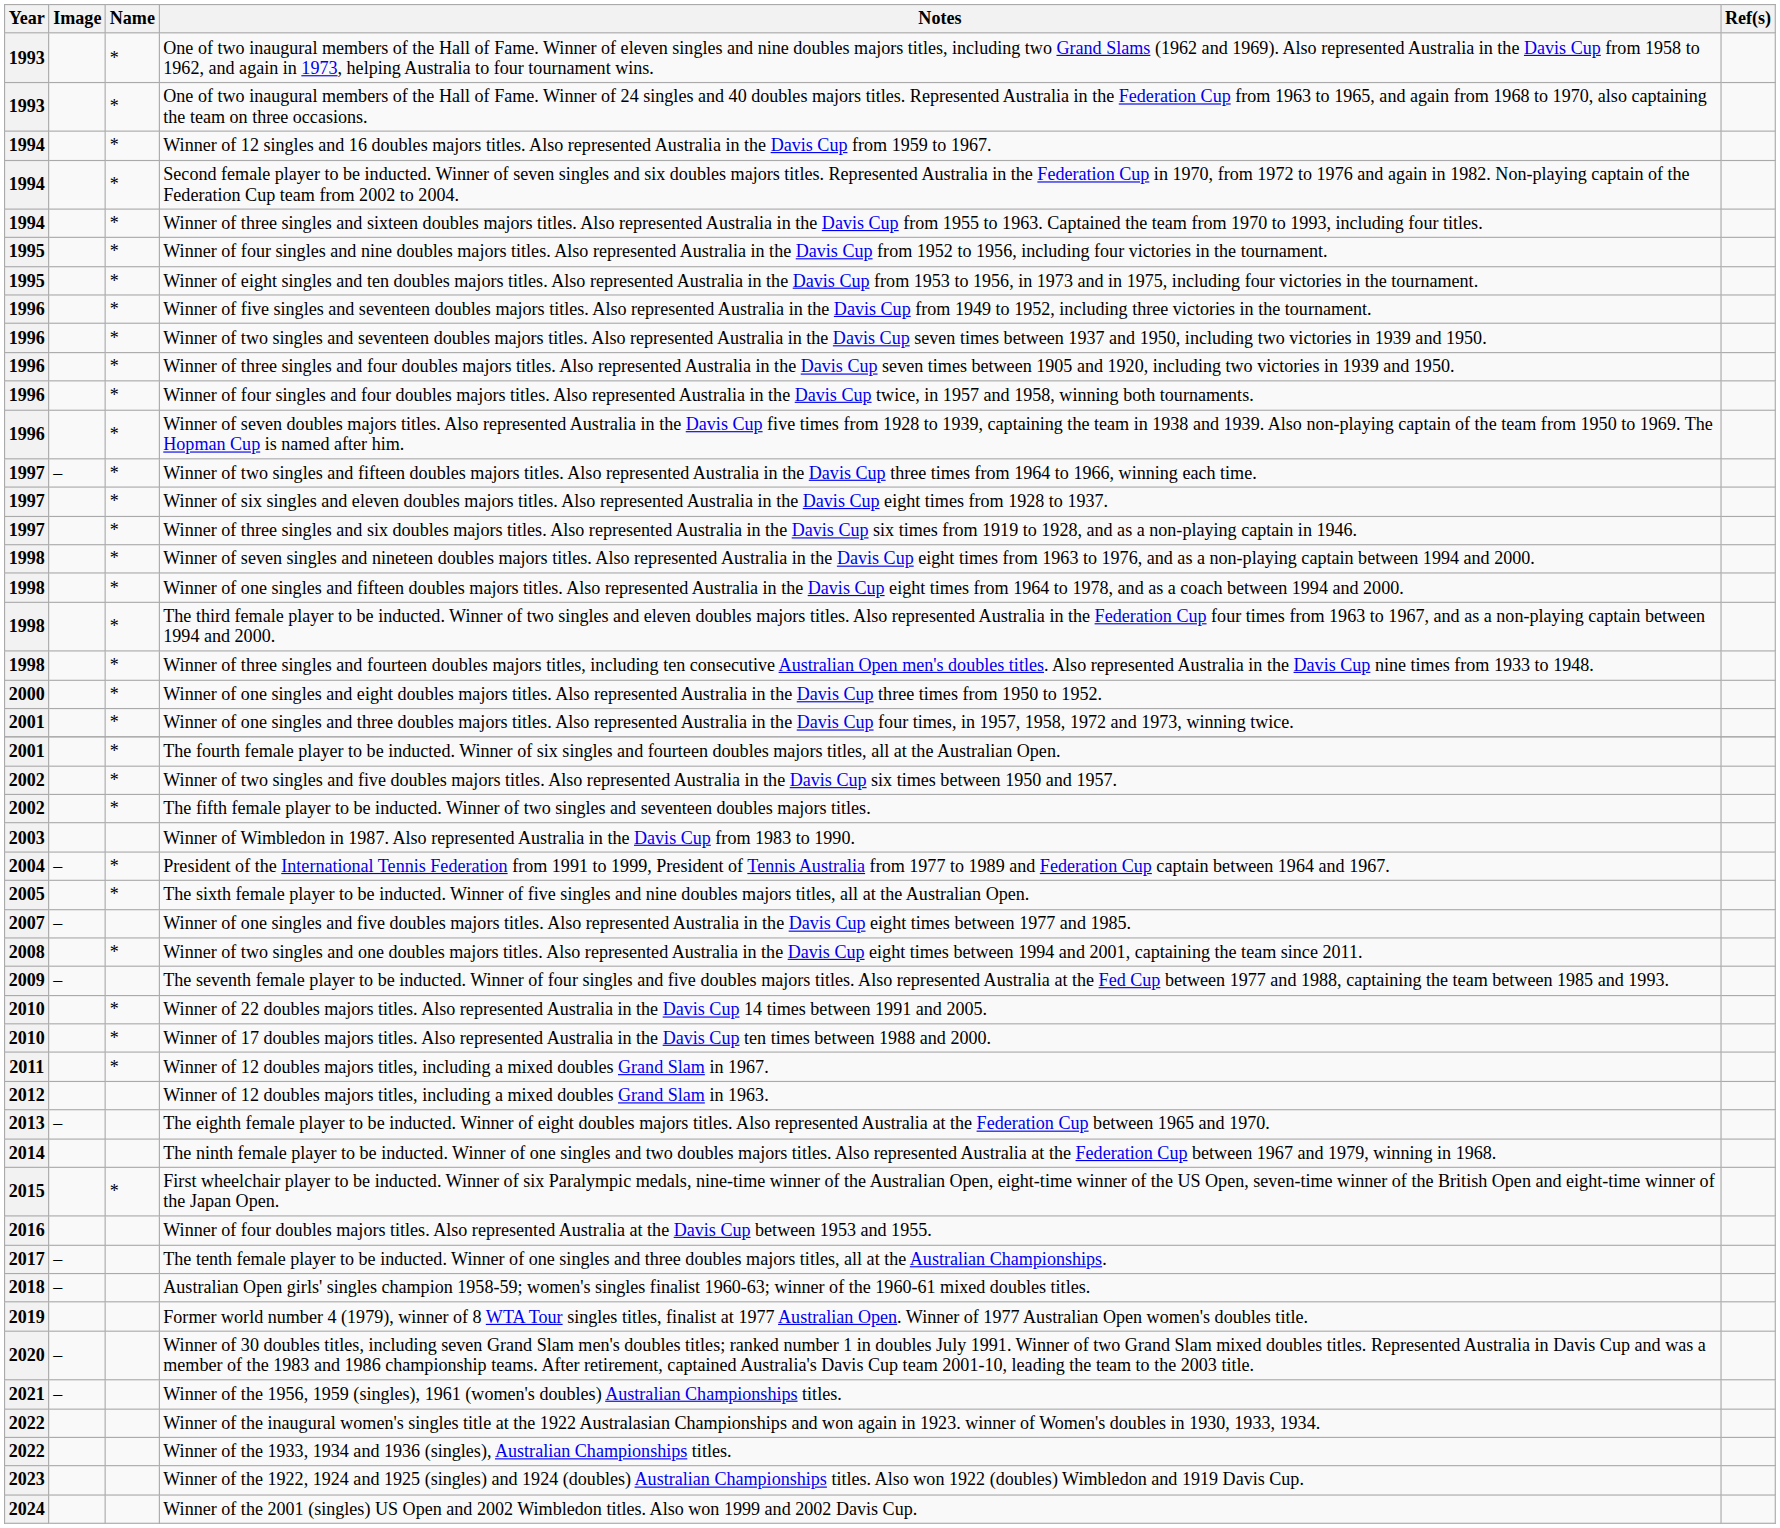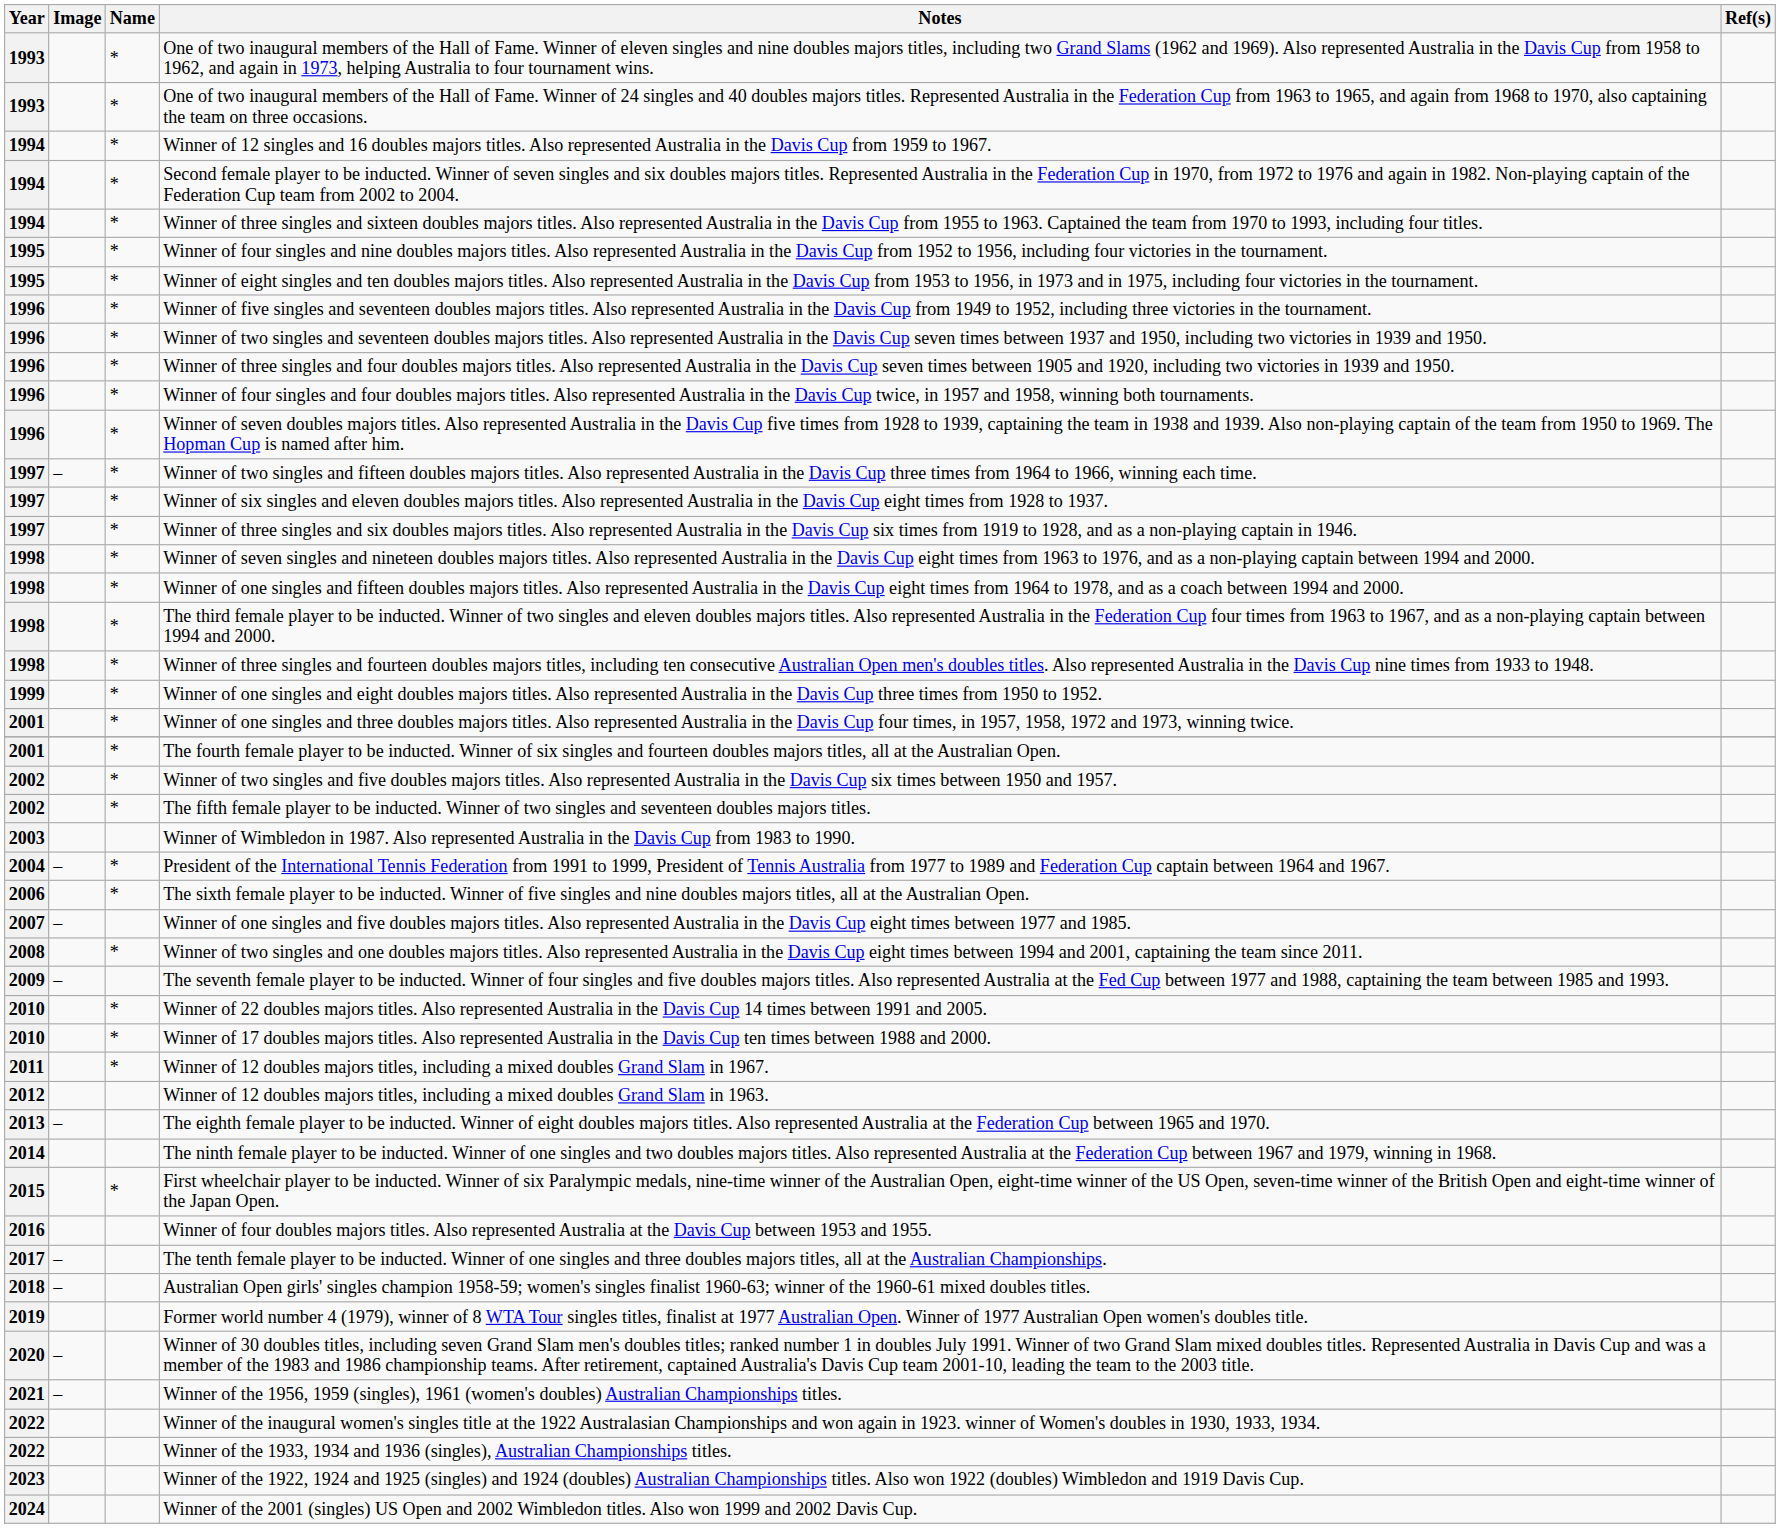 <table class="wikitable sortable">
 <tr>
 <th scope="col">Year</th>
 <th scope="col" class="unsortable">Image</th>
 <th scope="col">Name</th>
 <th scope="col" class="unsortable">Notes</th>
 <th scope="col" class="unsortable">Ref(s)</th>
 </tr>
 <tr>
 <th scope="row">1993</th>
 <td></td>
 <td> *</td>
 <td>One of two inaugural members of the Hall of Fame.  Winner of eleven singles and nine doubles majors titles, including two <a href='#'>Grand Slams</a> (1962 and 1969).  Also represented Australia in the <a href='#'>Davis Cup</a> from 1958 to 1962, and again in <a href='#'>1973</a>, helping Australia to four tournament wins.</td>
 <td></td>
 </tr>
 <tr>
 <th scope="row">1993</th>
 <td></td>
 <td> *</td>
 <td>One of two inaugural members of the Hall of Fame.   Winner of 24 singles and 40 doubles majors titles.  Represented Australia in the <a href='#'>Federation Cup</a> from 1963 to 1965, and again from 1968 to 1970, also captaining the team on three occasions.</td>
 <td></td>
 </tr>
 <tr>
 <th scope="row">1994</th>
 <td></td>
 <td> *</td>
 <td>Winner of 12 singles and 16 doubles majors titles.  Also represented Australia in the <a href='#'>Davis Cup</a> from 1959 to 1967.</td>
 <td></td>
 </tr>
 <tr>
 <th scope="row">1994</th>
 <td></td>
 <td> *</td>
 <td>Second female player to be inducted.   Winner of seven singles and six doubles majors titles.  Represented Australia in the <a href='#'>Federation Cup</a> in 1970, from 1972 to 1976 and again in 1982.  Non-playing captain of the Federation Cup team from 2002 to 2004.</td>
 <td></td>
 </tr>
 <tr>
 <th scope="row">1994</th>
 <td></td>
 <td> *</td>
 <td>Winner of three singles and sixteen doubles majors titles.  Also represented Australia in the <a href='#'>Davis Cup</a> from 1955 to 1963.  Captained the team from 1970 to 1993, including four titles.</td>
 <td></td>
 </tr>
 <tr>
 <th scope="row">1995</th>
 <td></td>
 <td> *</td>
 <td>Winner of four singles and nine doubles majors titles.  Also represented Australia in the <a href='#'>Davis Cup</a> from 1952 to 1956, including four victories in the tournament.</td>
 <td></td>
 </tr>
 <tr>
 <th scope="row">1995</th>
 <td></td>
 <td> *</td>
 <td>Winner of eight singles and ten doubles majors titles.  Also represented Australia in the <a href='#'>Davis Cup</a> from 1953 to 1956, in 1973 and in 1975, including four victories in the tournament.</td>
 <td></td>
 </tr>
 <tr>
 <th scope="row">1996</th>
 <td></td>
 <td> *</td>
 <td>Winner of five singles and seventeen doubles majors titles.  Also represented Australia in the <a href='#'>Davis Cup</a> from 1949 to 1952, including three victories in the tournament.</td>
 <td></td>
 </tr>
 <tr>
 <th scope="row">1996</th>
 <td></td>
 <td> *</td>
 <td>Winner of two singles and seventeen doubles majors titles.  Also represented Australia in the <a href='#'>Davis Cup</a> seven times between 1937 and 1950, including two victories in 1939 and 1950.</td>
 <td></td>
 </tr>
 <tr>
 <th scope="row">1996</th>
 <td></td>
 <td> * </td>
 <td>Winner of three singles and four doubles majors titles.  Also represented Australia in the <a href='#'>Davis Cup</a> seven times between 1905 and 1920, including two victories in 1939 and 1950.</td>
 <td></td>
 </tr>
 <tr>
 <th scope="row">1996</th>
 <td></td>
 <td> *</td>
 <td>Winner of four singles and four doubles majors titles.  Also represented Australia in the <a href='#'>Davis Cup</a> twice, in 1957 and 1958, winning both tournaments.</td>
 <td></td>
 </tr>
 <tr>
 <th scope="row">1996</th>
 <td></td>
 <td> *</td>
 <td>Winner of seven doubles majors titles.  Also represented Australia in the <a href='#'>Davis Cup</a> five times from 1928 to 1939, captaining the team in 1938 and 1939.  Also non-playing captain of the team from 1950 to 1969.  The <a href='#'>Hopman Cup</a> is named after him.</td>
 <td></td>
 </tr>
 <tr>
 <th scope="row">1997</th>
 <td>–</td>
 <td> *</td>
 <td>Winner of two singles and fifteen doubles majors titles.  Also represented Australia in the <a href='#'>Davis Cup</a> three times from 1964 to 1966, winning each time.</td>
 <td></td>
 </tr>
 <tr>
 <th scope="row">1997</th>
 <td></td>
 <td> *</td>
 <td>Winner of six singles and eleven doubles majors titles.  Also represented Australia in the <a href='#'>Davis Cup</a> eight times from 1928 to 1937.</td>
 <td></td>
 </tr>
 <tr>
 <th scope="row">1997</th>
 <td></td>
 <td> *</td>
 <td>Winner of three singles and six doubles majors titles.  Also represented Australia in the <a href='#'>Davis Cup</a> six times from 1919 to 1928, and as a non-playing captain in 1946.</td>
 <td></td>
 </tr>
 <tr>
 <th scope="row">1998</th>
 <td></td>
 <td> *</td>
 <td>Winner of seven singles and nineteen doubles majors titles.  Also represented Australia in the <a href='#'>Davis Cup</a> eight times from 1963 to 1976, and as a non-playing captain between 1994 and 2000.</td>
 <td></td>
 </tr>
 <tr>
 <th scope="row">1998</th>
 <td></td>
 <td> *</td>
 <td>Winner of one singles and fifteen doubles majors titles.  Also represented Australia in the <a href='#'>Davis Cup</a> eight times from 1964 to 1978, and as a coach between 1994 and 2000.</td>
 <td></td>
 </tr>
 <tr>
 <th scope="row">1998</th>
 <td></td>
 <td> *</td>
 <td>The third female player to be inducted.  Winner of two singles and eleven doubles majors titles.  Also represented Australia in the <a href='#'>Federation Cup</a> four times from 1963 to 1967, and as a non-playing captain between 1994 and 2000.</td>
 <td></td>
 </tr>
 <tr>
 <th scope="row">1998</th>
 <td></td>
 <td> *</td>
 <td>Winner of three singles and fourteen doubles majors titles, including ten consecutive <a href='#'>Australian Open men's doubles titles</a>.  Also represented Australia in the <a href='#'>Davis Cup</a> nine times from 1933 to 1948.</td>
 <td></td>
 </tr>
 <tr>
-<th scope="row">2000</th>
+<th scope="row">1999</th>
 <td></td>
 <td> *</td>
 <td>Winner of one singles and eight doubles majors titles.  Also represented Australia in the <a href='#'>Davis Cup</a> three times from 1950 to 1952.</td>
 <td></td>
 </tr>
 <tr>
 <th scope="row">2001</th>
 <td></td>
 <td> *</td>
 <td>Winner of one singles and three doubles majors titles.  Also represented Australia in the <a href='#'>Davis Cup</a> four times, in 1957, 1958, 1972 and 1973, winning twice.</td>
 <td></td>
 </tr>
 <tr>
 </tr>
 <tr>
 <th scope="row">2001</th>
 <td></td>
 <td> *</td>
 <td>The fourth female player to be inducted.  Winner of six singles and fourteen doubles majors titles, all at the Australian Open.</td>
 <td></td>
 </tr>
 <tr>
 <th scope="row">2002</th>
 <td></td>
 <td> *</td>
 <td>Winner of two singles and five doubles majors titles.  Also represented Australia in the <a href='#'>Davis Cup</a> six times between 1950 and 1957.</td>
 <td></td>
 </tr>
 <tr>
 <th scope="row">2002</th>
 <td></td>
 <td> *</td>
 <td>The fifth female player to be inducted.  Winner of two singles and seventeen doubles majors titles.</td>
 <td></td>
 </tr>
 <tr>
 <th scope="row">2003</th>
 <td></td>
 <td></td>
 <td>Winner of Wimbledon in 1987.  Also represented Australia in the <a href='#'>Davis Cup</a> from 1983 to 1990.</td>
 <td></td>
 </tr>
 <tr>
 <th scope="row">2004</th>
 <td>–</td>
 <td> * </td>
 <td>President of the <a href='#'>International Tennis Federation</a> from 1991 to 1999, President of <a href='#'>Tennis Australia</a> from 1977 to 1989 and <a href='#'>Federation Cup</a> captain between 1964 and 1967.</td>
 <td></td>
 </tr>
 <tr>
-<th scope="row">2005</th>
+<th scope="row">2006</th>
 <td></td>
 <td> *</td>
 <td>The sixth female player to be inducted.  Winner of five singles and nine doubles majors titles, all at the Australian Open.</td>
 <td></td>
 </tr>
 <tr>
 <th scope="row">2007</th>
 <td>–</td>
 <td></td>
 <td>Winner of one singles and five doubles majors titles.  Also represented Australia in the <a href='#'>Davis Cup</a> eight times between 1977 and 1985.</td>
 <td></td>
 </tr>
 <tr>
 <th scope="row">2008</th>
 <td></td>
 <td> *</td>
 <td>Winner of two singles and one doubles majors titles.  Also represented Australia in the <a href='#'>Davis Cup</a> eight times between 1994 and 2001, captaining the team since 2011.</td>
 <td></td>
 </tr>
 <tr>
 <th scope="row">2009</th>
 <td>–</td>
 <td></td>
 <td>The seventh female player to be inducted.  Winner of four singles and five doubles majors titles.  Also represented Australia at the <a href='#'>Fed Cup</a> between 1977 and 1988, captaining the team between 1985 and 1993.</td>
 <td></td>
 </tr>
 <tr>
 <th scope="row">2010</th>
 <td></td>
 <td> *</td>
 <td>Winner of 22 doubles majors titles.  Also represented Australia in the <a href='#'>Davis Cup</a> 14 times between 1991 and 2005.</td>
 <td></td>
 </tr>
 <tr>
 <th scope="row">2010</th>
 <td></td>
 <td> *</td>
 <td>Winner of 17 doubles majors titles.  Also represented Australia in the <a href='#'>Davis Cup</a> ten times between 1988 and 2000.</td>
 <td></td>
 </tr>
 <tr>
 <th scope="row">2011</th>
 <td></td>
 <td> *</td>
 <td>Winner of 12 doubles majors titles, including a mixed doubles <a href='#'>Grand Slam</a> in 1967.</td>
 <td></td>
 </tr>
 <tr>
 <th scope="row">2012</th>
 <td></td>
 <td> </td>
 <td>Winner of 12 doubles majors titles, including a mixed doubles <a href='#'>Grand Slam</a> in 1963.</td>
 <td></td>
 </tr>
 <tr>
 <th scope="row">2013</th>
 <td>–</td>
 <td></td>
 <td>The eighth female player to be inducted.  Winner of eight doubles majors titles.  Also represented Australia at the <a href='#'>Federation Cup</a> between 1965 and 1970.</td>
 <td></td>
 </tr>
 <tr>
 <th scope="row">2014</th>
 <td></td>
 <td></td>
 <td>The ninth female player to be inducted.  Winner of one singles and two doubles majors titles.  Also represented Australia at the <a href='#'>Federation Cup</a> between 1967 and 1979, winning in 1968.</td>
 <td></td>
 </tr>
 <tr>
 <th scope="row">2015</th>
 <td></td>
 <td> *</td>
 <td>First wheelchair player to be inducted.  Winner of six Paralympic medals, nine-time winner of the Australian Open, eight-time winner of the US Open, seven-time winner of the British Open and eight-time winner of the Japan Open.</td>
 <td></td>
 </tr>
 <tr>
 <th scope="row">2016</th>
 <td></td>
 <td></td>
 <td>Winner of four doubles majors titles.  Also represented Australia at the <a href='#'>Davis Cup</a> between 1953 and 1955.</td>
 <td></td>
 </tr>
 <tr>
 <th scope="row">2017</th>
 <td>–</td>
 <td></td>
 <td>The tenth female player to be inducted.  Winner of one singles and three doubles majors titles, all at the <a href='#'>Australian Championships</a>.</td>
 <td></td>
 </tr>
 <tr>
 <th scope="row">2018</th>
 <td>–</td>
 <td></td>
 <td>Australian Open girls' singles champion 1958-59;  women's singles finalist 1960-63; winner of the 1960-61 mixed doubles titles.</td>
 <td></td>
 </tr>
 <tr>
 <th scope="row">2019</th>
 <td></td>
 <td></td>
 <td>Former world number 4 (1979), winner of 8 <a href='#'>WTA Tour</a> singles titles, finalist at 1977 <a href='#'>Australian Open</a>. Winner of 1977 Australian Open women's doubles title.</td>
 <td></td>
 </tr>
 <tr>
 <th scope="row">2020</th>
 <td>–</td>
 <td></td>
 <td>Winner of 30 doubles titles, including seven Grand Slam men's doubles titles; ranked number 1 in doubles July 1991. Winner of two Grand Slam mixed doubles titles. Represented Australia in Davis Cup and was a member of the 1983 and 1986 championship teams. After retirement, captained Australia's Davis Cup team 2001-10, leading the team to the 2003 title.</td>
 <td></td>
 </tr>
 <tr>
 <th scope="row">2021</th>
 <td>–</td>
 <td></td>
 <td>Winner of the  1956, 1959 (singles), 1961 (women's doubles) <a href='#'>Australian Championships</a> titles.</td>
 <td></td>
 </tr>
 <tr>
 <th scope="row">2022</th>
 <td></td>
 <td></td>
 <td>Winner of the inaugural women's singles title at the 1922 Australasian Championships and won again in 1923. winner of Women's doubles in 1930, 1933, 1934.</td>
 <td></td>
 </tr>
 <tr>
 <th scope="row">2022</th>
 <td></td>
 <td></td>
 <td>Winner of the 1933, 1934 and 1936 (singles), <a href='#'>Australian Championships</a> titles.</td>
 <td></td>
 </tr>
 <tr>
 <th scope="row">2023</th>
 <td></td>
 <td></td>
 <td>Winner of the 1922, 1924 and 1925 (singles) and 1924 (doubles) <a href='#'>Australian Championships</a> titles. Also won 1922 (doubles) Wimbledon and 1919 Davis Cup.</td>
 <td></td>
 </tr>
 <tr>
 <th scope="row">2024</th>
 <td></td>
 <td></td>
 <td>Winner of the 2001 (singles) US Open and 2002 Wimbledon titles. Also won 1999 and 2002 Davis Cup.</td>
 <td></td>
 </tr>
 </table>
